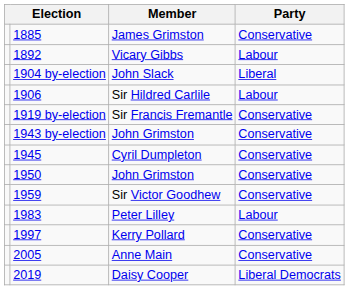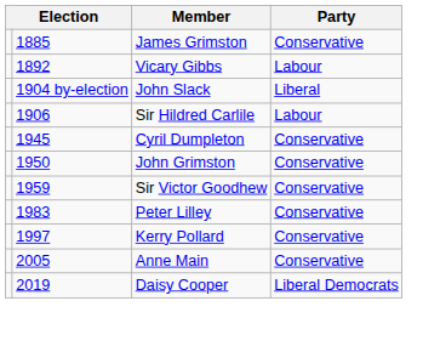 <table class="wikitable">
 <tr>
 <th colspan="2">Election</th>
 <th>Member</th>
 <th>Party</th>
 </tr>
 <tr>
 <td style="color:inherit;background-color: "></td>
 <td><a href='#'>1885</a></td>
 <td><a href='#'>James Grimston</a></td>
 <td><a href='#'>Conservative</a></td>
 </tr>
 <tr>
 <td style="color:inherit;background-color: "></td>
 <td><a href='#'>1892</a></td>
 <td><a href='#'>Vicary Gibbs</a></td>
 <td><a href='#'>Labour</a></td>
 </tr>
 <tr>
 <td style="color:inherit;background-color: "></td>
 <td><a href='#'>1904 by-election</a></td>
 <td><a href='#'>John Slack</a></td>
 <td><a href='#'>Liberal</a></td>
 </tr>
 <tr>
 <td style="color:inherit;background-color: "></td>
 <td><a href='#'>1906</a></td>
 <td>Sir <a href='#'>Hildred Carlile</a></td>
 <td><a href='#'>Labour</a></td>
 </tr>
 <tr>
 <td style="color:inherit;background-color: "></td>
-<td><a href='#'>1919 by-election</a></td>
-<td>Sir <a href='#'>Francis Fremantle</a></td>
-<td><a href='#'>Conservative</a></td>
-</tr>
-<tr>
-<td style="color:inherit;background-color: "></td>
-<td><a href='#'>1943 by-election</a></td>
-<td><a href='#'>John Grimston</a></td>
-<td><a href='#'>Conservative</a></td>
-</tr>
-<tr>
-<td style="color:inherit;background-color: "></td>
 <td><a href='#'>1945</a></td>
 <td><a href='#'>Cyril Dumpleton</a></td>
 <td><a href='#'>Conservative</a></td>
 </tr>
 <tr>
 <td style="color:inherit;background-color: "></td>
 <td><a href='#'>1950</a></td>
 <td><a href='#'>John Grimston</a></td>
 <td><a href='#'>Conservative</a></td>
 </tr>
 <tr>
 <td style="color:inherit;background-color: "></td>
 <td><a href='#'>1959</a></td>
 <td>Sir <a href='#'>Victor Goodhew</a></td>
 <td><a href='#'>Conservative</a></td>
 </tr>
 <tr>
 <td style="color:inherit;background-color: "></td>
 <td><a href='#'>1983</a></td>
 <td><a href='#'>Peter Lilley</a></td>
-<td><a href='#'>Labour</a></td>
+<td><a href='#'>Conservative</a></td>
 </tr>
 <tr>
 <td style="color:inherit;background-color: "></td>
 <td><a href='#'>1997</a></td>
 <td><a href='#'>Kerry Pollard</a></td>
 <td><a href='#'>Conservative</a></td>
 </tr>
 <tr>
 <td style="color:inherit;background-color: "></td>
 <td><a href='#'>2005</a></td>
 <td><a href='#'>Anne Main</a></td>
 <td><a href='#'>Conservative</a></td>
 </tr>
 <tr>
 <td style="color:inherit;background-color: "></td>
 <td><a href='#'>2019</a></td>
 <td><a href='#'>Daisy Cooper</a></td>
 <td><a href='#'>Liberal Democrats</a></td>
 </tr>
 </table>
